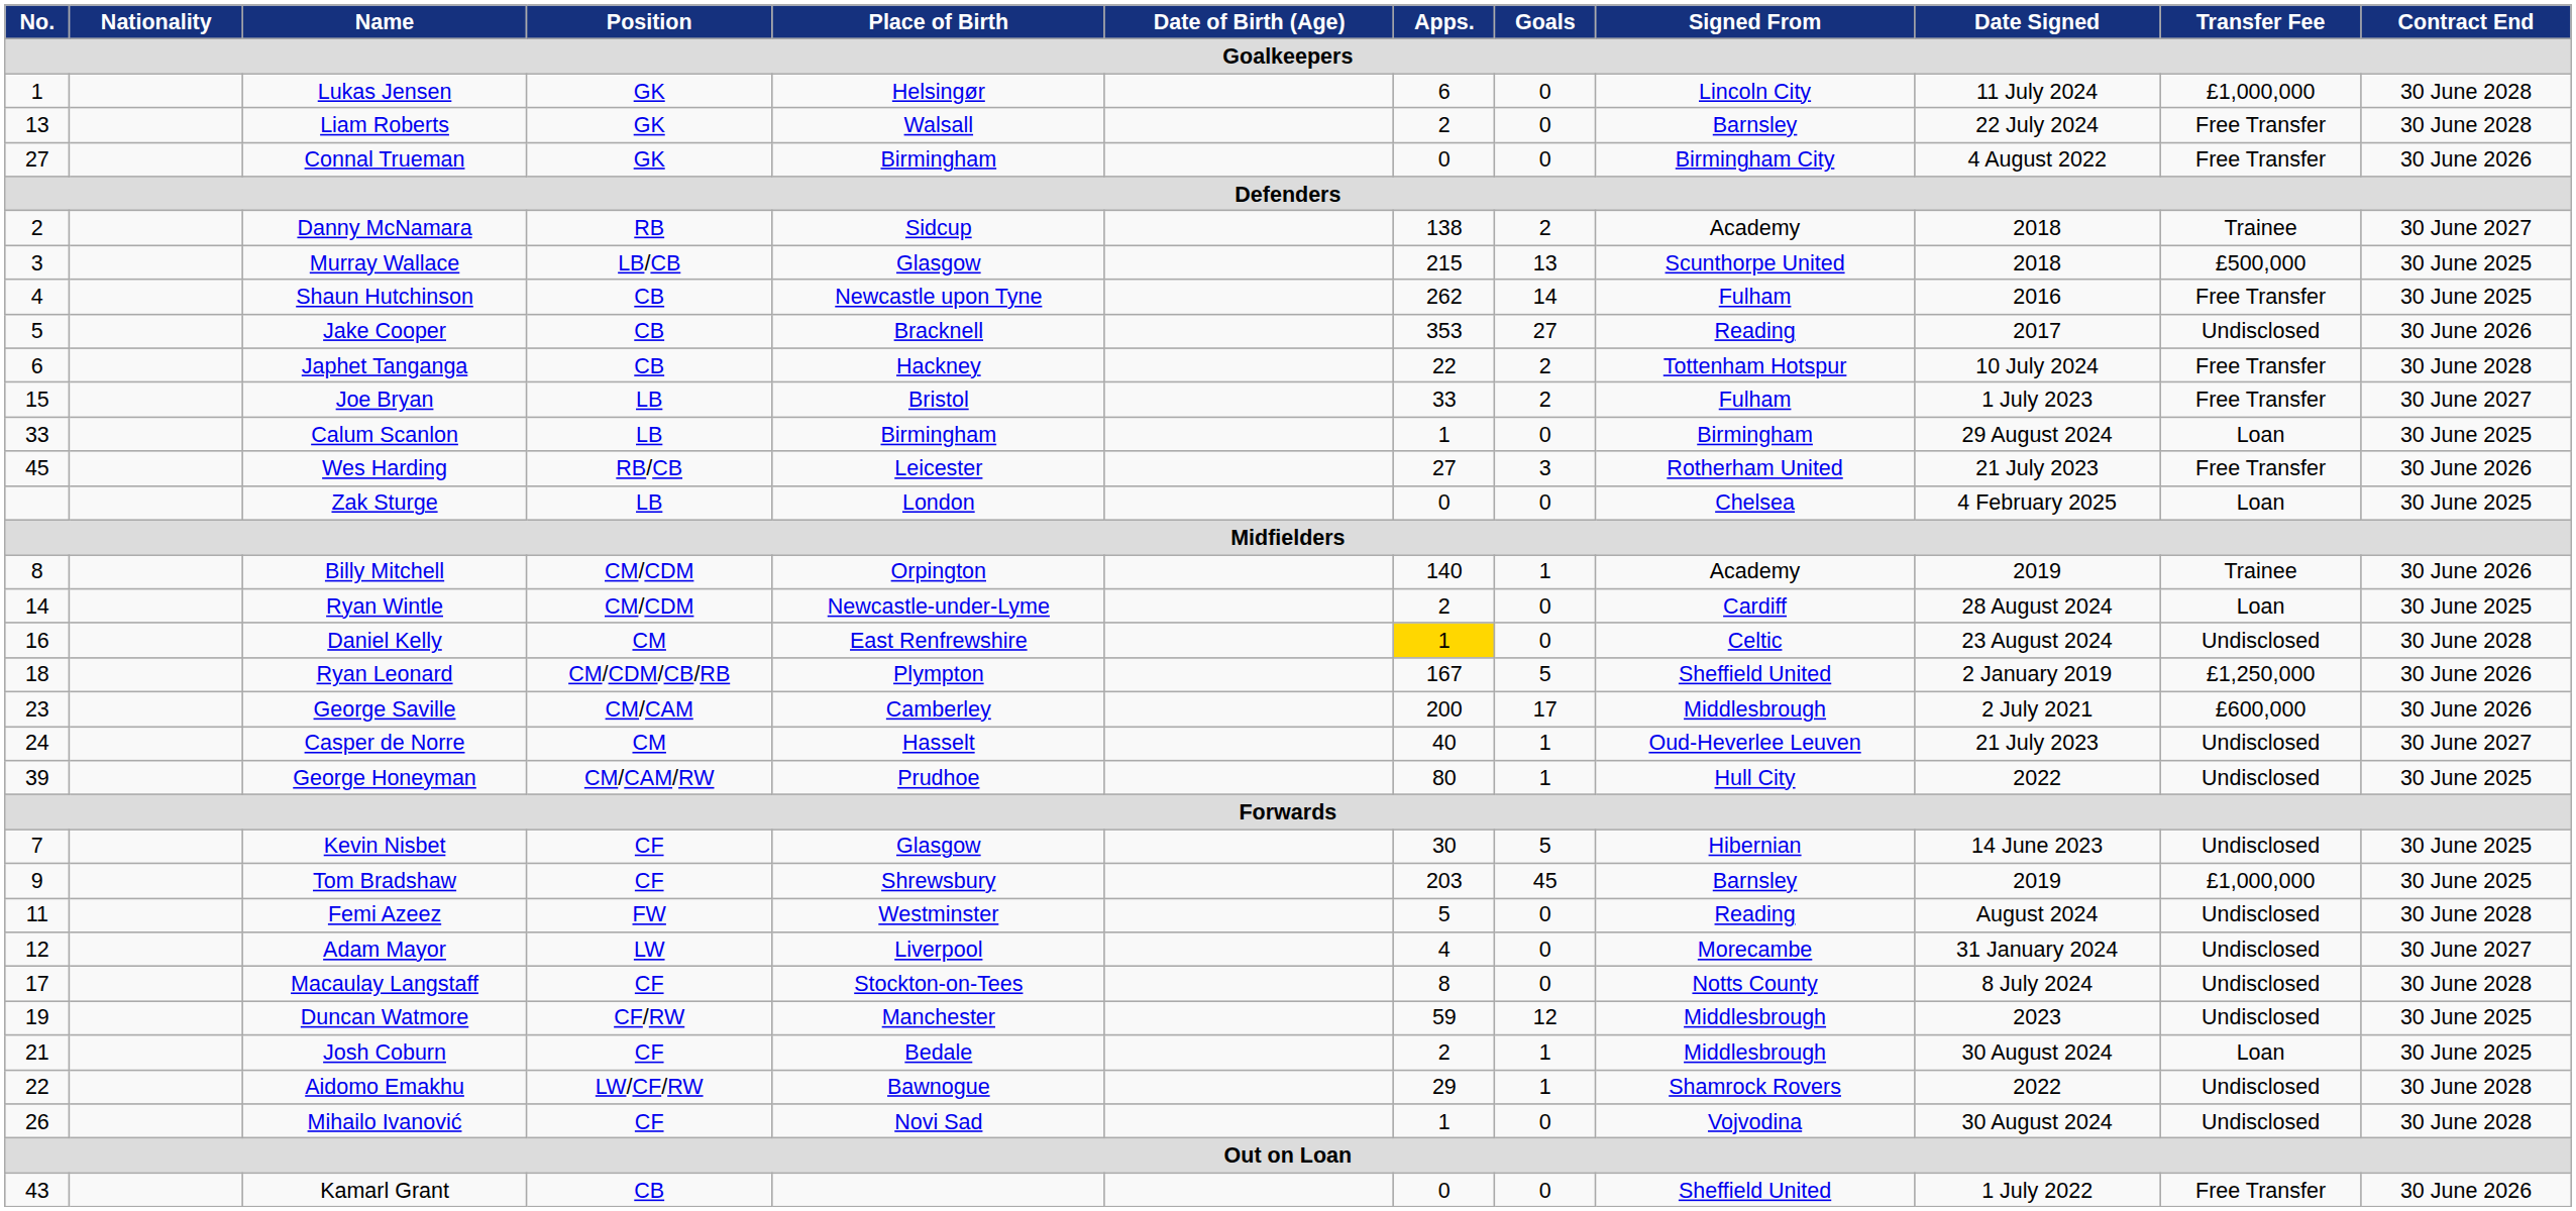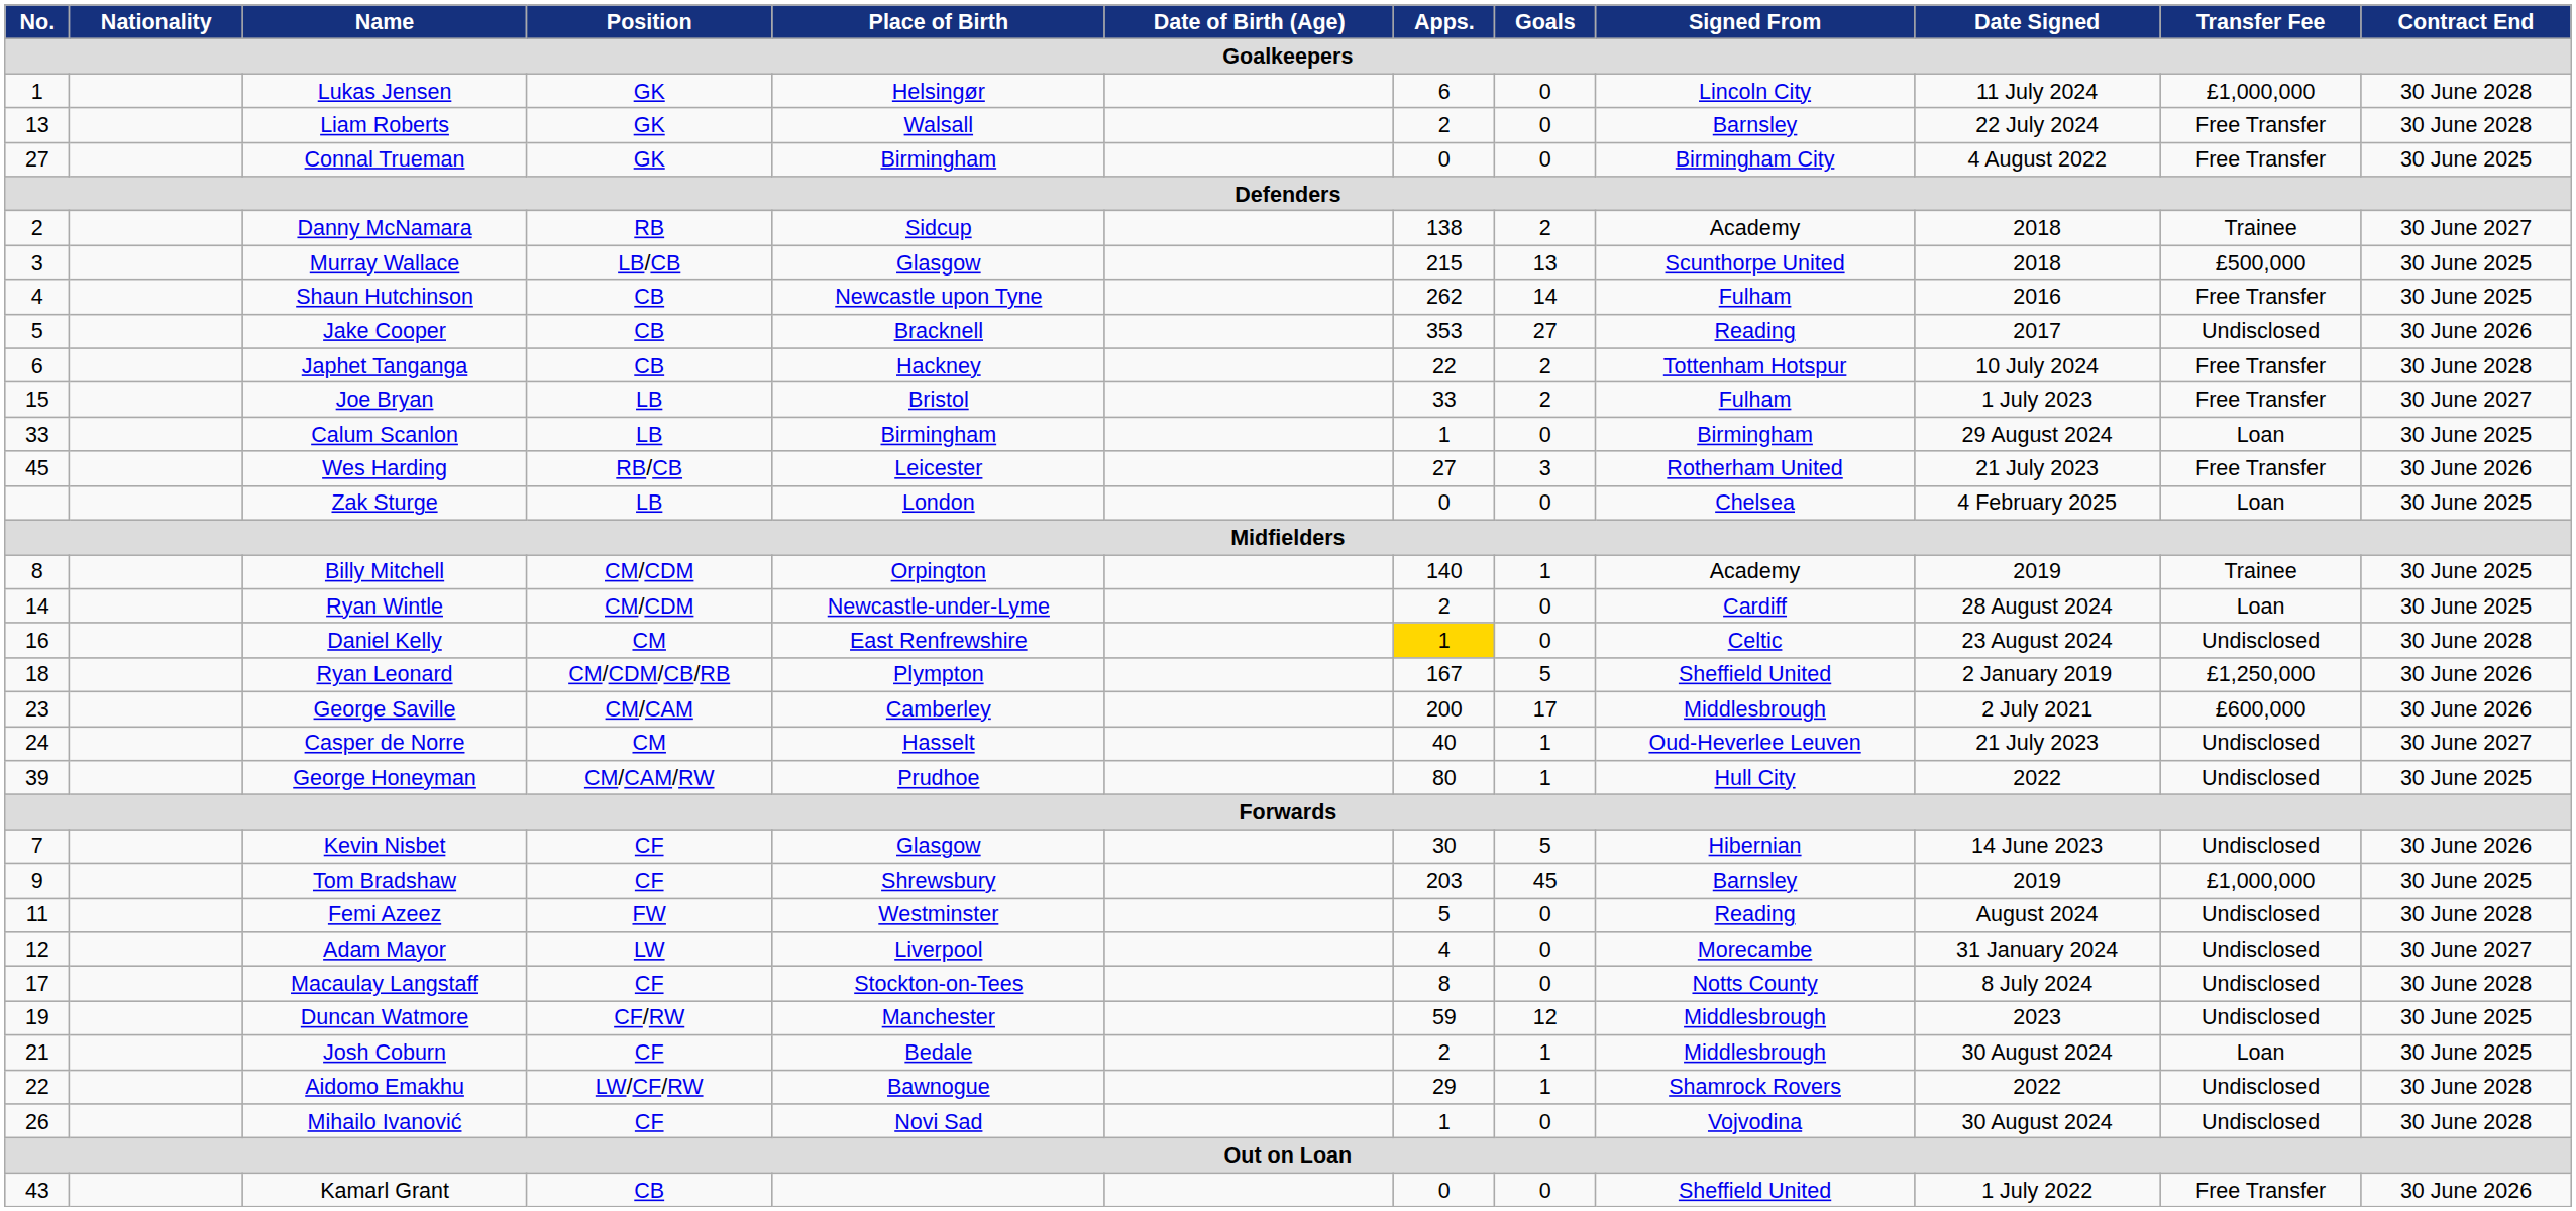 <table class="wikitable" style="text-align:center; font-size:84.5%; width:101%;">
 <tr>
 <th style="color:white; background:#15317E; text-align:center;">No.</th>
 <th style="color:white; background:#15317E; text-align:center;">Nationality</th>
 <th style="color:white; background:#15317E; text-align:center;">Name</th>
 <th style="color:white; background:#15317E; text-align:center;">Position</th>
 <th style="color:white; background:#15317E; text-align:center;">Place of Birth</th>
 <th style="color:white; background:#15317E; text-align:center;">Date of Birth (Age)</th>
 <th style="color:white; background:#15317E; text-align:center;">Apps.</th>
 <th style="color:white; background:#15317E; text-align:center;">Goals</th>
 <th style="color:white; background:#15317E; text-align:center;">Signed From</th>
 <th style="color:white; background:#15317E; text-align:center;">Date Signed</th>
 <th style="color:white; background:#15317E; text-align:center;">Transfer Fee</th>
 <th style="color:white; background:#15317E; text-align:center;">Contract End</th>
 </tr>
 <tr>
 <th colspan="14" style="background:#dcdcdc; tepxt-align:center;">Goalkeepers</th>
 </tr>
 <tr>
 <td>1</td>
 <td></td>
 <td><a href='#'>Lukas Jensen</a></td>
 <td><a href='#'>GK</a></td>
 <td><a href='#'>Helsingør</a></td>
 <td></td>
 <td>6</td>
 <td>0</td>
 <td> <a href='#'>Lincoln City</a></td>
 <td>11 July 2024</td>
 <td>£1,000,000</td>
 <td>30 June 2028</td>
 </tr>
 <tr>
 <td>13</td>
 <td></td>
 <td><a href='#'>Liam Roberts</a></td>
 <td><a href='#'>GK</a></td>
 <td><a href='#'>Walsall</a></td>
 <td></td>
 <td>2</td>
 <td>0</td>
 <td> <a href='#'>Barnsley</a></td>
 <td>22 July 2024</td>
 <td>Free Transfer</td>
 <td>30 June 2028</td>
 </tr>
 <tr>
 <td>27</td>
 <td></td>
 <td><a href='#'>Connal Trueman</a></td>
 <td><a href='#'>GK</a></td>
 <td><a href='#'>Birmingham</a></td>
 <td></td>
 <td>0</td>
 <td>0</td>
 <td> <a href='#'>Birmingham City</a></td>
 <td>4 August 2022</td>
 <td>Free Transfer</td>
-<td>30 June 2026</td>
+<td>30 June 2025</td>
 </tr>
 <tr>
 <th colspan="14" style="background:#dcdcdc; tepxt-align:center;">Defenders</th>
 </tr>
 <tr>
 <td>2</td>
 <td></td>
 <td><a href='#'>Danny McNamara</a></td>
 <td><a href='#'>RB</a></td>
 <td><a href='#'>Sidcup</a></td>
 <td></td>
 <td>138</td>
 <td>2</td>
 <td>Academy</td>
 <td>2018</td>
 <td>Trainee</td>
 <td>30 June 2027</td>
 </tr>
 <tr>
 <td>3</td>
 <td></td>
 <td><a href='#'>Murray Wallace</a></td>
 <td><a href='#'>LB</a>/<a href='#'>CB</a></td>
 <td><a href='#'>Glasgow</a></td>
 <td></td>
 <td>215</td>
 <td>13</td>
 <td> <a href='#'>Scunthorpe United</a></td>
 <td>2018</td>
 <td>£500,000</td>
 <td>30 June 2025</td>
 </tr>
 <tr>
 <td>4</td>
 <td></td>
 <td><a href='#'>Shaun Hutchinson</a></td>
 <td><a href='#'>CB</a></td>
 <td><a href='#'>Newcastle upon Tyne</a></td>
 <td></td>
 <td>262</td>
 <td>14</td>
 <td> <a href='#'>Fulham</a></td>
 <td>2016</td>
 <td>Free Transfer</td>
 <td>30 June 2025</td>
 </tr>
 <tr>
 <td>5</td>
 <td></td>
 <td><a href='#'>Jake Cooper</a></td>
 <td><a href='#'>CB</a></td>
 <td><a href='#'>Bracknell</a></td>
 <td></td>
 <td>353</td>
 <td>27</td>
 <td> <a href='#'>Reading</a></td>
 <td>2017</td>
 <td>Undisclosed</td>
 <td>30 June 2026</td>
 </tr>
 <tr>
 <td>6</td>
 <td></td>
 <td><a href='#'>Japhet Tanganga</a></td>
 <td><a href='#'>CB</a></td>
 <td><a href='#'>Hackney</a></td>
 <td></td>
 <td>22</td>
 <td>2</td>
 <td> <a href='#'>Tottenham Hotspur</a></td>
 <td>10 July 2024</td>
 <td>Free Transfer</td>
 <td>30 June 2028</td>
 </tr>
 <tr>
 <td>15</td>
 <td></td>
 <td><a href='#'>Joe Bryan</a></td>
 <td><a href='#'>LB</a></td>
 <td><a href='#'>Bristol</a></td>
 <td></td>
 <td>33</td>
 <td>2</td>
 <td> <a href='#'>Fulham</a></td>
 <td>1 July 2023</td>
 <td>Free Transfer</td>
 <td>30 June 2027</td>
 </tr>
 <tr>
 <td>33</td>
 <td></td>
 <td><a href='#'>Calum Scanlon</a></td>
 <td><a href='#'>LB</a></td>
 <td><a href='#'>Birmingham</a></td>
 <td></td>
 <td>1</td>
 <td>0</td>
 <td> <a href='#'>Birmingham</a></td>
 <td>29 August 2024</td>
 <td>Loan</td>
 <td>30 June 2025</td>
 </tr>
 <tr>
 <td>45</td>
 <td> </td>
 <td><a href='#'>Wes Harding</a></td>
 <td><a href='#'>RB</a>/<a href='#'>CB</a></td>
 <td><a href='#'>Leicester</a></td>
 <td></td>
 <td>27</td>
 <td>3</td>
 <td> <a href='#'>Rotherham United</a></td>
 <td>21 July 2023</td>
 <td>Free Transfer</td>
 <td>30 June 2026</td>
 </tr>
 <tr>
 <td></td>
 <td></td>
 <td><a href='#'>Zak Sturge</a></td>
 <td><a href='#'>LB</a></td>
 <td><a href='#'>London</a></td>
 <td></td>
 <td>0</td>
 <td>0</td>
 <td> <a href='#'>Chelsea</a></td>
 <td>4 February 2025</td>
 <td>Loan</td>
 <td>30 June 2025</td>
 </tr>
 <tr>
 <th colspan="14" style="background:#dcdcdc; tepxt-align:center;">Midfielders</th>
 </tr>
 <tr>
 <td>8</td>
 <td></td>
 <td><a href='#'>Billy Mitchell</a></td>
 <td><a href='#'>CM</a>/<a href='#'>CDM</a></td>
 <td><a href='#'>Orpington</a></td>
 <td></td>
 <td>140</td>
 <td>1</td>
 <td>Academy</td>
 <td>2019</td>
 <td>Trainee</td>
-<td>30 June 2026</td>
+<td>30 June 2025</td>
 </tr>
 <tr>
 <td>14</td>
 <td></td>
 <td><a href='#'>Ryan Wintle</a></td>
 <td><a href='#'>CM</a>/<a href='#'>CDM</a></td>
 <td><a href='#'>Newcastle-under-Lyme</a></td>
 <td></td>
 <td>2</td>
 <td>0</td>
 <td> <a href='#'>Cardiff</a></td>
 <td>28 August 2024</td>
 <td>Loan</td>
 <td>30 June 2025</td>
 </tr>
 <tr>
 <td>16</td>
 <td></td>
 <td><a href='#'>Daniel Kelly</a></td>
 <td><a href='#'>CM</a></td>
 <td><a href='#'>East Renfrewshire</a></td>
 <td></td>
 <td style="background: gold;">1</td>
 <td>0</td>
 <td> <a href='#'>Celtic</a></td>
 <td>23 August 2024</td>
 <td>Undisclosed</td>
 <td>30 June 2028</td>
 </tr>
 <tr>
 <td>18</td>
 <td></td>
 <td><a href='#'>Ryan Leonard</a></td>
 <td><a href='#'>CM</a>/<a href='#'>CDM</a>/<a href='#'>CB</a>/<a href='#'>RB</a></td>
 <td><a href='#'>Plympton</a></td>
 <td></td>
 <td>167</td>
 <td>5</td>
 <td> <a href='#'>Sheffield United</a></td>
 <td>2 January 2019</td>
 <td>£1,250,000</td>
 <td>30 June 2026</td>
 </tr>
 <tr>
 <td>23</td>
 <td></td>
 <td><a href='#'>George Saville</a></td>
 <td><a href='#'>CM</a>/<a href='#'>CAM</a></td>
 <td><a href='#'>Camberley</a></td>
 <td></td>
 <td>200</td>
 <td>17</td>
 <td> <a href='#'>Middlesbrough</a></td>
 <td>2 July 2021</td>
 <td>£600,000</td>
 <td>30 June 2026</td>
 </tr>
 <tr>
 <td>24</td>
 <td></td>
 <td><a href='#'>Casper de Norre</a></td>
 <td><a href='#'>CM</a></td>
 <td><a href='#'>Hasselt</a></td>
 <td></td>
 <td>40</td>
 <td>1</td>
 <td> <a href='#'>Oud-Heverlee Leuven</a></td>
 <td>21 July 2023</td>
 <td>Undisclosed</td>
 <td>30 June 2027</td>
 </tr>
 <tr>
 <td>39</td>
 <td></td>
 <td><a href='#'>George Honeyman</a></td>
 <td><a href='#'>CM</a>/<a href='#'>CAM</a>/<a href='#'>RW</a></td>
 <td><a href='#'>Prudhoe</a></td>
 <td></td>
 <td>80</td>
 <td>1</td>
 <td> <a href='#'>Hull City</a></td>
 <td>2022</td>
 <td>Undisclosed</td>
 <td>30 June 2025</td>
 </tr>
 <tr>
 <th colspan="14" style="background:#dcdcdc; tepxt-align:center;">Forwards</th>
 </tr>
 <tr>
 <td>7</td>
 <td></td>
 <td><a href='#'>Kevin Nisbet</a></td>
 <td><a href='#'>CF</a></td>
 <td><a href='#'>Glasgow</a></td>
 <td></td>
 <td>30</td>
 <td>5</td>
 <td> <a href='#'>Hibernian</a></td>
 <td>14 June 2023</td>
 <td>Undisclosed</td>
-<td>30 June 2025</td>
+<td>30 June 2026</td>
 </tr>
 <tr>
 <td>9</td>
 <td></td>
 <td><a href='#'>Tom Bradshaw</a></td>
 <td><a href='#'>CF</a></td>
 <td><a href='#'>Shrewsbury</a></td>
 <td></td>
 <td>203</td>
 <td>45</td>
 <td> <a href='#'>Barnsley</a></td>
 <td>2019</td>
 <td>£1,000,000</td>
 <td>30 June 2025</td>
 </tr>
 <tr>
 <td>11</td>
 <td></td>
 <td><a href='#'>Femi Azeez</a></td>
 <td><a href='#'>FW</a></td>
 <td><a href='#'>Westminster</a></td>
 <td></td>
 <td>5</td>
 <td>0</td>
 <td> <a href='#'>Reading</a></td>
 <td>August 2024</td>
 <td>Undisclosed</td>
 <td>30 June 2028</td>
 </tr>
 <tr>
 <td>12</td>
 <td></td>
 <td><a href='#'>Adam Mayor</a></td>
 <td><a href='#'>LW</a></td>
 <td><a href='#'>Liverpool</a></td>
 <td></td>
 <td>4</td>
 <td>0</td>
 <td> <a href='#'>Morecambe</a></td>
 <td>31 January 2024</td>
 <td>Undisclosed</td>
 <td>30 June 2027</td>
 </tr>
 <tr>
 <td>17</td>
 <td></td>
 <td><a href='#'>Macaulay Langstaff</a></td>
 <td><a href='#'>CF</a></td>
 <td><a href='#'>Stockton-on-Tees</a></td>
 <td></td>
 <td>8</td>
 <td>0</td>
 <td><a href='#'>Notts County</a></td>
 <td>8 July 2024</td>
 <td>Undisclosed</td>
 <td>30 June 2028</td>
 </tr>
 <tr>
 <td>19</td>
 <td></td>
 <td><a href='#'>Duncan Watmore</a></td>
 <td><a href='#'>CF</a>/<a href='#'>RW</a></td>
 <td><a href='#'>Manchester</a></td>
 <td></td>
 <td>59</td>
 <td>12</td>
 <td> <a href='#'>Middlesbrough</a></td>
 <td>2023</td>
 <td>Undisclosed</td>
 <td>30 June 2025</td>
 </tr>
 <tr>
 <td>21</td>
 <td></td>
 <td><a href='#'>Josh Coburn</a></td>
 <td><a href='#'>CF</a></td>
 <td><a href='#'>Bedale</a></td>
 <td></td>
 <td>2</td>
 <td>1</td>
 <td> <a href='#'>Middlesbrough</a></td>
 <td>30 August 2024</td>
 <td>Loan</td>
 <td>30 June 2025</td>
 </tr>
 <tr>
 <td>22</td>
 <td></td>
 <td><a href='#'>Aidomo Emakhu</a></td>
 <td><a href='#'>LW</a>/<a href='#'>CF</a>/<a href='#'>RW</a></td>
 <td><a href='#'>Bawnogue</a></td>
 <td></td>
 <td>29</td>
 <td>1</td>
 <td><a href='#'>Shamrock Rovers</a></td>
 <td>2022</td>
 <td>Undisclosed</td>
 <td>30 June 2028</td>
 </tr>
 <tr>
 <td>26</td>
 <td></td>
 <td><a href='#'>Mihailo Ivanović</a></td>
 <td><a href='#'>CF</a></td>
 <td><a href='#'>Novi Sad</a></td>
 <td></td>
 <td>1</td>
 <td>0</td>
 <td> <a href='#'>Vojvodina</a></td>
 <td>30 August 2024</td>
 <td>Undisclosed</td>
 <td>30 June 2028</td>
 </tr>
 <tr>
 <th colspan="14" style="background:#dcdcdc; tepxt-align:center;">Out on Loan</th>
 </tr>
 <tr>
 <td>43</td>
 <td></td>
 <td>Kamarl Grant</td>
 <td><a href='#'>CB</a></td>
 <td></td>
 <td></td>
 <td>0</td>
 <td>0</td>
 <td> <a href='#'>Sheffield United</a></td>
 <td>1 July 2022</td>
 <td>Free Transfer</td>
 <td>30 June 2026</td>
 </tr>
 </table>
